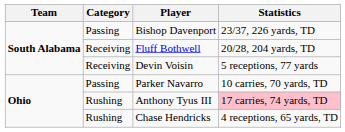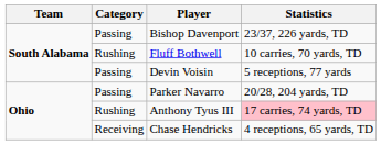 <table class="wikitable" style="float: right;">
 <tr>
 <th>Team</th>
 <th>Category</th>
 <th>Player</th>
 <th>Statistics</th>
 </tr>
 <tr>
 <td rowspan=3><strong>South Alabama</strong></td>
 <td>Passing</td>
 <td>Bishop Davenport</td>
 <td>23/37, 226 yards, TD</td>
 </tr>
 <tr>
-<td>Receiving</td>
+<td>Rushing</td>
 <td><a href='#'>Fluff Bothwell</a></td>
-<td>20/28, 204 yards, TD</td>
+<td>10 carries, 70 yards, TD</td>
 </tr>
 <tr>
-<td>Receiving</td>
+<td>Passing</td>
 <td>Devin Voisin</td>
 <td>5 receptions, 77 yards</td>
 </tr>
 <tr>
 <td rowspan=3><strong>Ohio</strong></td>
 <td>Passing</td>
 <td>Parker Navarro</td>
-<td>10 carries, 70 yards, TD</td>
+<td>20/28, 204 yards, TD</td>
 </tr>
 <tr>
 <td>Rushing</td>
 <td>Anthony Tyus III</td>
 <td style="background: pink;">17 carries, 74 yards, TD</td>
 </tr>
 <tr>
-<td>Rushing</td>
+<td>Receiving</td>
 <td>Chase Hendricks</td>
 <td>4 receptions, 65 yards, TD</td>
 </tr>
 </table>
